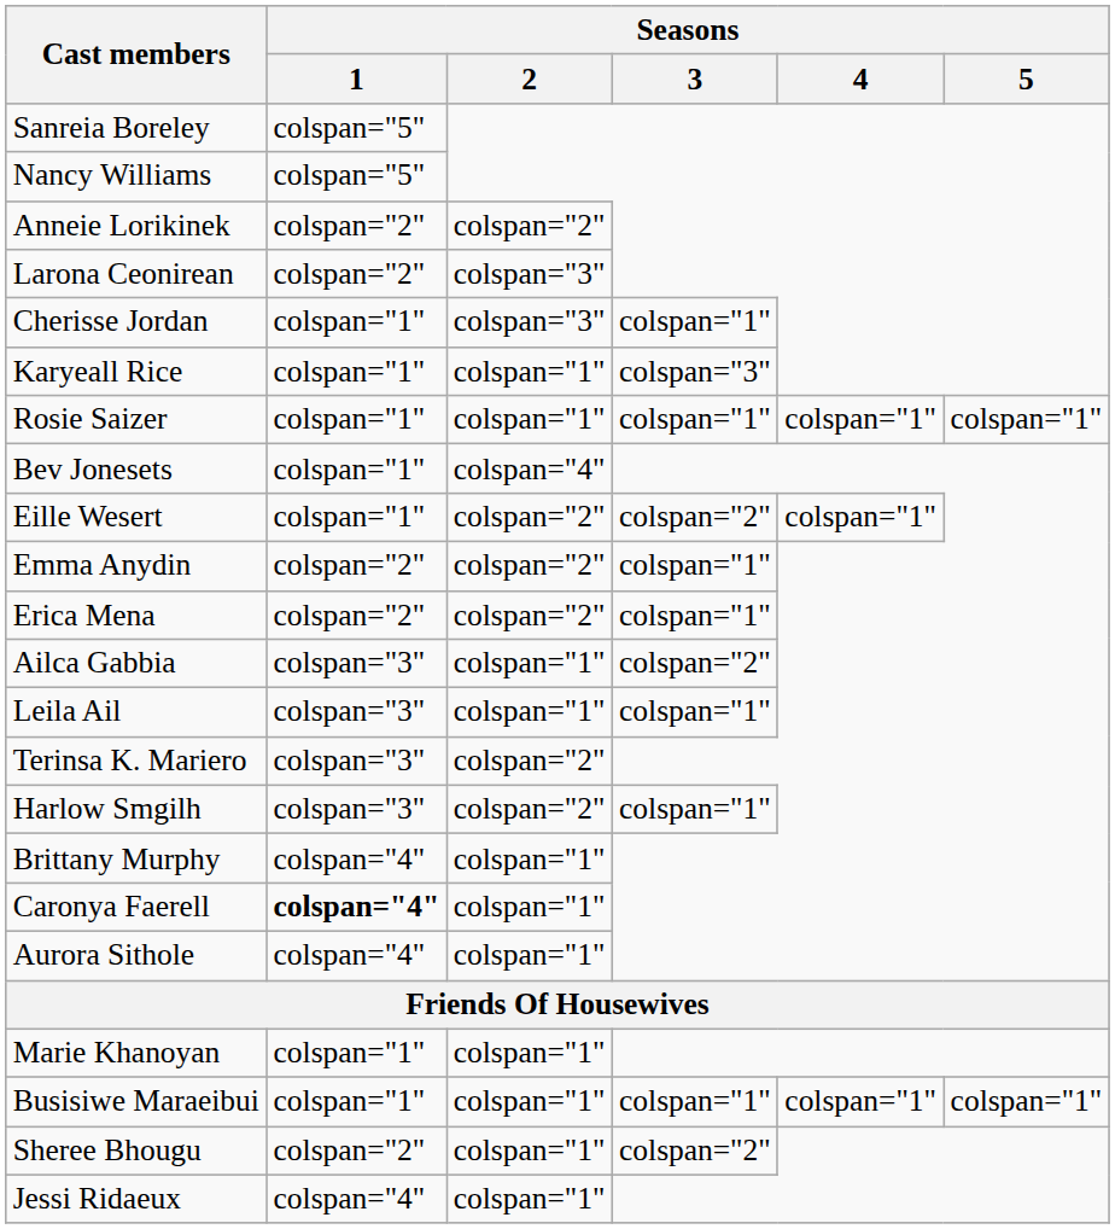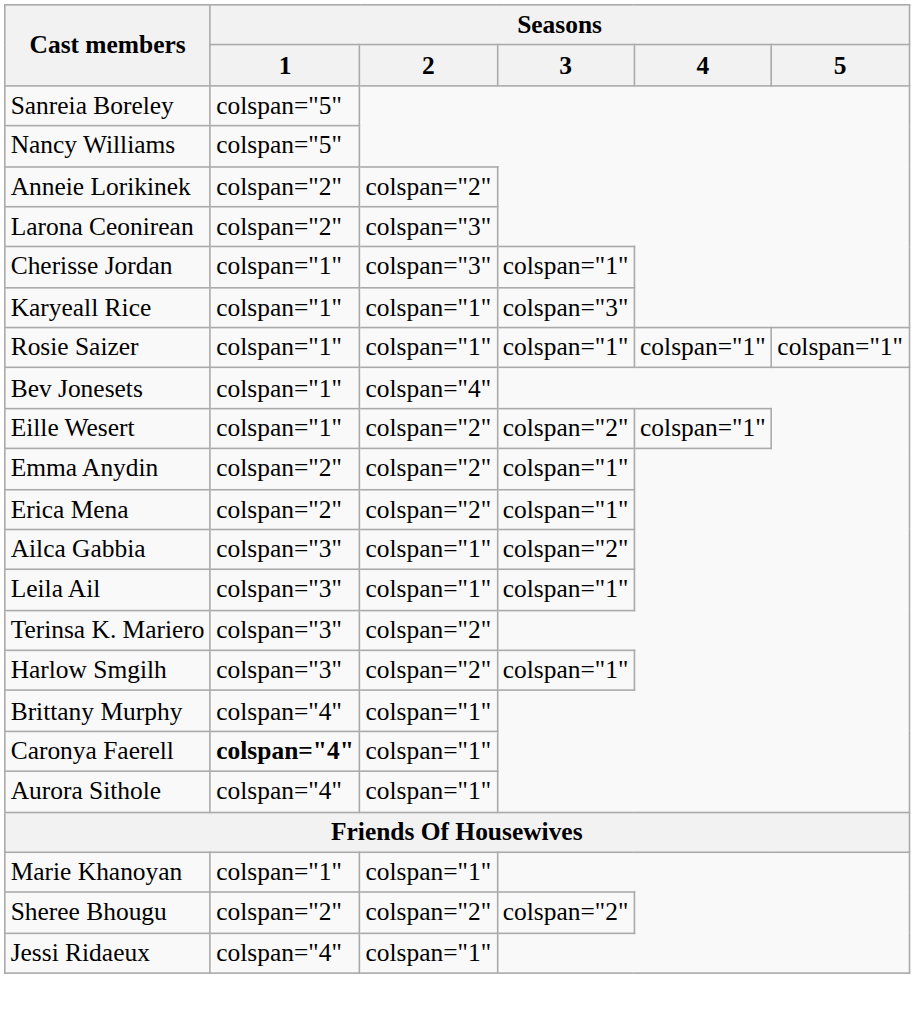 <table class="wikitable">
 <tr>
 <th rowspan=2>Cast members</th>
 <th colspan=5>Seasons</th>
 </tr>
 <tr>
 <th>1</th>
 <th>2</th>
 <th>3</th>
 <th>4</th>
 <th>5</th>
 </tr>
 <tr>
 <td nowrap>Sanreia Boreley</td>
 <td>colspan="5" </td>
 </tr>
 <tr>
 <td nowrap>Nancy Williams</td>
 <td>colspan="5" </td>
 </tr>
 <tr>
 <td nowrap>Anneie Lorikinek</td>
 <td>colspan="2" </td>
 <td>colspan="2" </td>
 </tr>
 <tr>
 <td nowrap>Larona Ceonirean</td>
 <td>colspan="2" </td>
 <td>colspan="3" </td>
 </tr>
 <tr>
 <td>Cherisse Jordan</td>
 <td>colspan="1" </td>
 <td>colspan="3" </td>
 <td>colspan="1" </td>
 </tr>
 <tr>
 <td>Karyeall Rice</td>
 <td>colspan="1" </td>
 <td>colspan="1" </td>
 <td>colspan="3" </td>
 </tr>
 <tr>
 <td>Rosie Saizer</td>
 <td>colspan="1" </td>
 <td>colspan="1" </td>
 <td>colspan="1" </td>
 <td>colspan="1" </td>
 <td>colspan="1" </td>
 </tr>
 <tr>
 <td>Bev Jonesets</td>
 <td>colspan="1" </td>
 <td>colspan="4" </td>
 </tr>
 <tr>
 <td>Eille Wesert</td>
 <td>colspan="1" </td>
 <td>colspan="2" </td>
 <td>colspan="2" </td>
 <td>colspan="1" </td>
 </tr>
 <tr>
 <td>Emma Anydin</td>
 <td>colspan="2" </td>
 <td>colspan="2" </td>
 <td>colspan="1" </td>
 </tr>
 <tr>
 <td>Erica Mena</td>
 <td>colspan="2" </td>
 <td>colspan="2" </td>
 <td>colspan="1" </td>
 </tr>
 <tr>
 <td>Ailca Gabbia</td>
 <td>colspan="3" </td>
 <td>colspan="1" </td>
 <td>colspan="2" </td>
 </tr>
 <tr>
 <td>Leila Ail</td>
 <td>colspan="3" </td>
 <td>colspan="1" </td>
 <td>colspan="1" </td>
 </tr>
 <tr>
 <td nowrap="">Terinsa K. Mariero</td>
 <td>colspan="3" </td>
 <td>colspan="2" </td>
 </tr>
 <tr>
 <td>Harlow Smgilh</td>
 <td>colspan="3" </td>
 <td>colspan="2" </td>
 <td>colspan="1" </td>
 </tr>
 <tr>
 <td>Brittany Murphy</td>
 <td>colspan="4" </td>
 <td>colspan="1" </td>
 </tr>
 <tr>
 <td>Caronya Faerell</td>
 <td><strong>colspan="4" </strong></td>
 <td>colspan="1" </td>
 </tr>
 <tr>
 <td>Aurora Sithole</td>
 <td>colspan="4" </td>
 <td>colspan="1" </td>
 </tr>
 <tr>
 <th colspan="6">Friends Of Housewives</th>
 </tr>
 <tr>
 <td>Marie Khanoyan</td>
 <td>colspan="1" </td>
 <td>colspan="1" </td>
 </tr>
 <tr>
-<td nowrap>Busisiwe Maraeibui</td>
-<td>colspan="1" </td>
-<td>colspan="1" </td>
-<td>colspan="1" </td>
-<td>colspan="1" </td>
-<td>colspan="1" </td>
-</tr>
-<tr>
 <td>Sheree Bhougu</td>
 <td>colspan="2" </td>
-<td>colspan="1" </td>
+<td>colspan="2" </td>
 <td>colspan="2" </td>
 </tr>
 <tr>
 <td>Jessi Ridaeux</td>
 <td>colspan="4" </td>
 <td>colspan="1" </td>
 </tr>
 </table>
